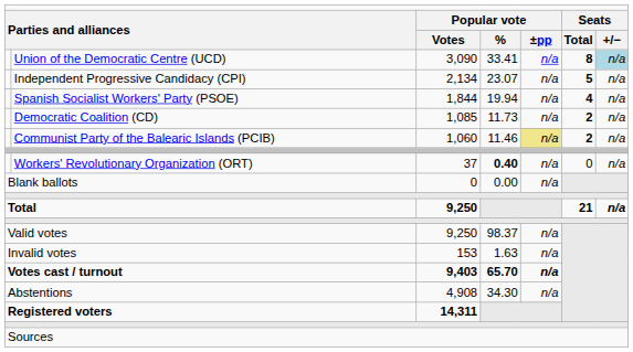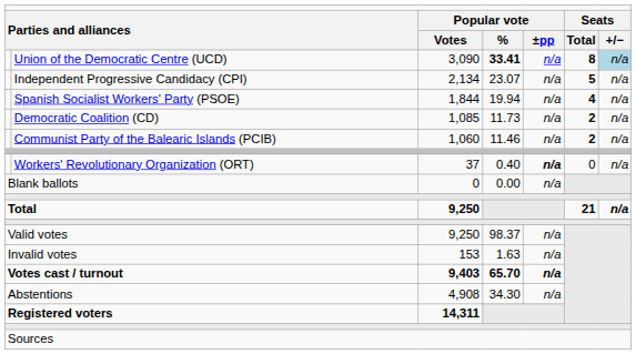 <table class="wikitable" style="text-align:right;">
 <tr>
 <td colspan="7"></td>
 </tr>
 <tr>
 <th style="text-align:left;" rowspan="2" colspan="2" width="525">Parties and alliances</th>
 <th colspan="3">Popular vote</th>
 <th colspan="2">Seats</th>
 </tr>
 <tr>
 <th width="75">Votes</th>
 <th width="45">%</th>
 <th width="45">±<a href='#'>pp</a></th>
 <th width="35">Total</th>
 <th width="35">+/−</th>
 </tr>
 <tr>
 <td width="1" style="color:inherit;background:"></td>
 <td align="left"><a href='#'>Union of the Democratic Centre</a> (UCD)</td>
 <td>3,090</td>
-<td>33.41</td>
+<td><strong>33.41</strong></td>
 <td><em><a href='#'>n/a</a></em></td>
 <td><strong>8</strong></td>
 <td style="background: lightblue;"><em>n/a</em></td>
 </tr>
 <tr>
 <td style="color:inherit;background:"></td>
 <td align="left">Independent Progressive Candidacy (CPI)</td>
 <td>2,134</td>
 <td>23.07</td>
 <td><em>n/a</em></td>
 <td><strong>5</strong></td>
 <td><em>n/a</em></td>
 </tr>
 <tr>
 <td style="color:inherit;background:"></td>
 <td align="left"><a href='#'>Spanish Socialist Workers' Party</a> (PSOE)</td>
 <td>1,844</td>
 <td>19.94</td>
 <td><em>n/a</em></td>
 <td><strong>4</strong></td>
 <td><em>n/a</em></td>
 </tr>
 <tr>
 <td style="color:inherit;background:"></td>
 <td align="left"><a href='#'>Democratic Coalition</a> (CD)</td>
 <td>1,085</td>
 <td>11.73</td>
 <td><em>n/a</em></td>
 <td><strong>2</strong></td>
 <td><em>n/a</em></td>
 </tr>
 <tr>
 <td style="color:inherit;background:"></td>
 <td align="left"><a href='#'>Communist Party of the Balearic Islands</a> (PCIB)</td>
 <td>1,060</td>
 <td>11.46</td>
-<td style="background: khaki;"><em>n/a</em></td>
+<td><em>n/a</em></td>
 <td><strong>2</strong></td>
 <td><em>n/a</em></td>
 </tr>
 <tr>
 <td colspan="7" bgcolor="#C0C0C0"></td>
 </tr>
 <tr>
 <td style="color:inherit;background:"></td>
 <td align="left"><a href='#'>Workers' Revolutionary Organization</a> (ORT)</td>
 <td>37</td>
-<td><strong>0.40</strong></td>
-<td><em>n/a</em></td>
+<td>0.40</td>
+<td><strong><em>n/a</em></strong></td>
 <td>0</td>
 <td><em>n/a</em></td>
 </tr>
 <tr>
 <td align="left" colspan="2">Blank ballots</td>
 <td>0</td>
 <td>0.00</td>
 <td><em>n/a</em></td>
 <td bgcolor="#E9E9E9" colspan="2"></td>
 </tr>
 <tr>
 <td colspan="7" bgcolor="#E9E9E9"></td>
 </tr>
 <tr style="font-weight:bold;">
 <td align="left" colspan="2">Total</td>
 <td>9,250</td>
 <td bgcolor="#E9E9E9" colspan="2"></td>
 <td>21</td>
 <td><em>n/a</em></td>
 </tr>
 <tr>
 <td colspan="7" bgcolor="#E9E9E9"></td>
 </tr>
 <tr>
 <td align="left" colspan="2">Valid votes</td>
 <td>9,250</td>
 <td>98.37</td>
 <td><em>n/a</em></td>
 <td bgcolor="#E9E9E9" colspan="2" rowspan="5"></td>
 </tr>
 <tr>
 <td align="left" colspan="2">Invalid votes</td>
 <td>153</td>
 <td>1.63</td>
 <td><em>n/a</em></td>
 </tr>
 <tr style="font-weight:bold;">
 <td align="left" colspan="2">Votes cast / turnout</td>
 <td>9,403</td>
 <td>65.70</td>
 <td><em>n/a</em></td>
 </tr>
 <tr>
 <td align="left" colspan="2">Abstentions</td>
 <td>4,908</td>
 <td>34.30</td>
 <td><em>n/a</em></td>
 </tr>
 <tr style="font-weight:bold;">
 <td align="left" colspan="2">Registered voters</td>
 <td>14,311</td>
 <td bgcolor="#E9E9E9" colspan="2"></td>
 </tr>
 <tr>
 <td colspan="7" bgcolor="#E9E9E9"></td>
 </tr>
 <tr>
 <td align="left" colspan="7">Sources</td>
 </tr>
 </table>
